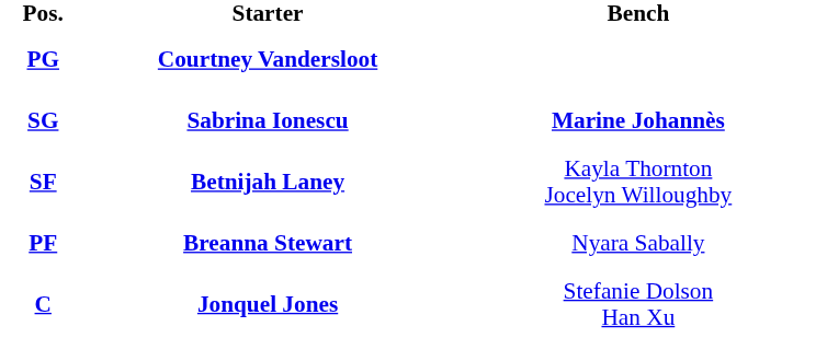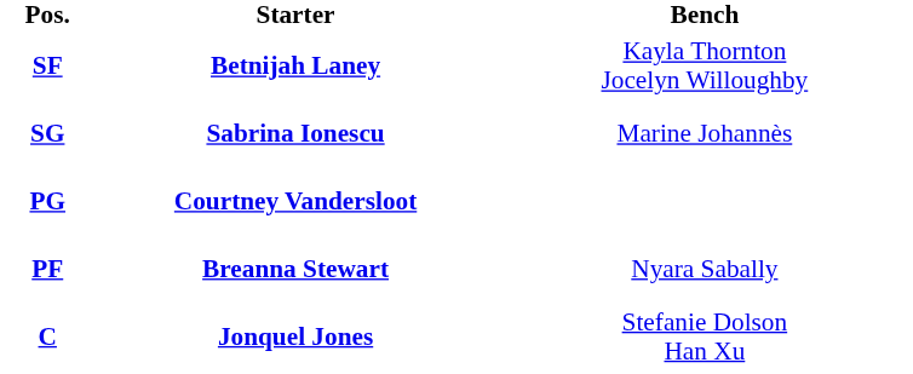 <table style="text-align:center; ">
 <tr>
 <th width="50">Pos.</th>
 <th width="250">Starter</th>
 <th width="250">Bench</th>
 </tr>
 <tr style="height:40px; background:white; color:#092C57">
-<th><a href='#'><span>PG</span></a></th>
-<td><strong><a href='#'>Courtney Vandersloot</a></strong></td>
-<td></td>
+<th><a href='#'><span>SF</span></a></th>
+<td><strong><a href='#'>Betnijah Laney</a></strong></td>
+<td><a href='#'>Kayla Thornton</a><br><a href='#'>Jocelyn Willoughby</a></td>
 </tr>
 <tr style="height:40px; background:white; color:#092C57">
 <th><a href='#'><span>SG</span></a></th>
 <td><strong><a href='#'>Sabrina Ionescu</a></strong></td>
-<td><strong><a href='#'>Marine Johannès</a></strong></td>
+<td><a href='#'>Marine Johannès</a></td>
 </tr>
 <tr style="height:40px; background:white; color:#092C57">
-<th><a href='#'><span>SF</span></a></th>
-<td><strong><a href='#'>Betnijah Laney</a></strong></td>
-<td><a href='#'>Kayla Thornton</a><br><a href='#'>Jocelyn Willoughby</a></td>
+<th><a href='#'><span>PG</span></a></th>
+<td><strong><a href='#'>Courtney Vandersloot</a></strong></td>
+<td></td>
 </tr>
 <tr style="height:40px; background:white; color:#092C57">
 <th><a href='#'><span>PF</span></a></th>
 <td><strong><a href='#'>Breanna Stewart</a></strong></td>
 <td><a href='#'>Nyara Sabally</a></td>
 </tr>
 <tr style="height:40px; background:white; color:#092C57">
 <th><a href='#'><span>C</span></a></th>
 <td><strong><a href='#'>Jonquel Jones</a></strong></td>
 <td><a href='#'>Stefanie Dolson</a><br><a href='#'>Han Xu</a></td>
 </tr>
 </table>
